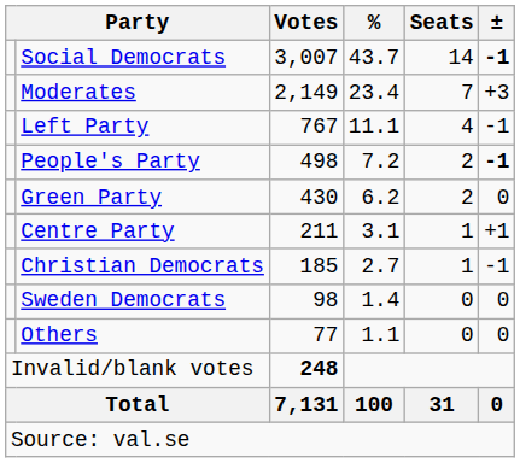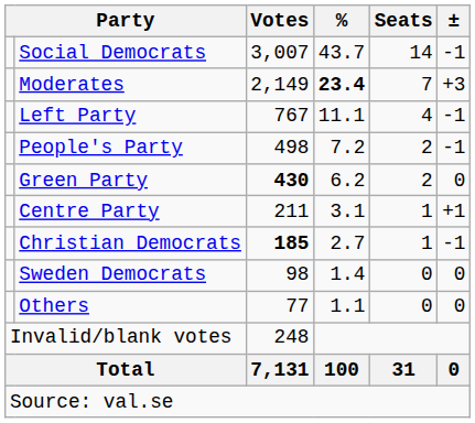 <table class=wikitable style=text-align:right>
 <tr>
 <th colspan=2>Party</th>
 <th>Votes</th>
 <th>%</th>
 <th>Seats</th>
 <th>±</th>
 </tr>
 <tr>
 <td bgcolor=></td>
 <td align=left><a href='#'>Social Democrats</a></td>
 <td>3,007</td>
 <td>43.7</td>
 <td>14</td>
-<td><strong>-1</strong></td>
+<td>-1</td>
 </tr>
 <tr>
 <td bgcolor=></td>
 <td align=left><a href='#'>Moderates</a></td>
 <td>2,149</td>
-<td>23.4</td>
+<td><strong>23.4</strong></td>
 <td>7</td>
 <td>+3</td>
 </tr>
 <tr>
 <td bgcolor=></td>
 <td align=left><a href='#'>Left Party</a></td>
 <td>767</td>
 <td>11.1</td>
 <td>4</td>
 <td>-1</td>
 </tr>
 <tr>
 <td bgcolor=></td>
 <td align=left><a href='#'>People's Party</a></td>
 <td>498</td>
 <td>7.2</td>
 <td>2</td>
-<td><strong>-1</strong></td>
+<td>-1</td>
 </tr>
 <tr>
 <td bgcolor=></td>
 <td align=left><a href='#'>Green Party</a></td>
-<td>430</td>
+<td><strong>430</strong></td>
 <td>6.2</td>
 <td>2</td>
 <td>0</td>
 </tr>
 <tr>
 <td bgcolor=></td>
 <td align=left><a href='#'>Centre Party</a></td>
 <td>211</td>
 <td>3.1</td>
 <td>1</td>
 <td>+1</td>
 </tr>
 <tr>
 <td bgcolor=></td>
 <td align=left><a href='#'>Christian Democrats</a></td>
-<td>185</td>
+<td><strong>185</strong></td>
 <td>2.7</td>
 <td>1</td>
 <td>-1</td>
 </tr>
 <tr>
 <td bgcolor=></td>
 <td align=left><a href='#'>Sweden Democrats</a></td>
 <td>98</td>
 <td>1.4</td>
 <td>0</td>
 <td>0</td>
 </tr>
 <tr>
 <td></td>
 <td align=left><a href='#'>Others</a></td>
 <td>77</td>
 <td>1.1</td>
 <td>0</td>
 <td>0</td>
 </tr>
 <tr>
 <td align=left colspan=2>Invalid/blank votes</td>
-<td><strong>248</strong></td>
+<td>248</td>
 <td colspan=3></td>
 </tr>
 <tr>
 <th align=left colspan=2>Total</th>
 <th>7,131</th>
 <th>100</th>
 <th>31</th>
 <th>0</th>
 </tr>
 <tr>
 <td align=left colspan=6>Source: val.se </td>
 </tr>
 </table>
